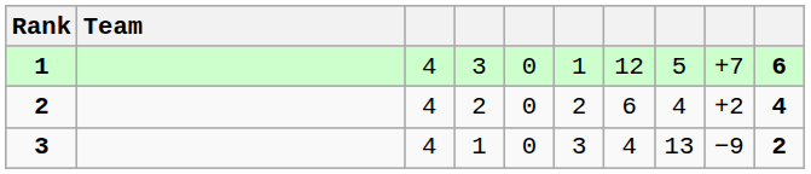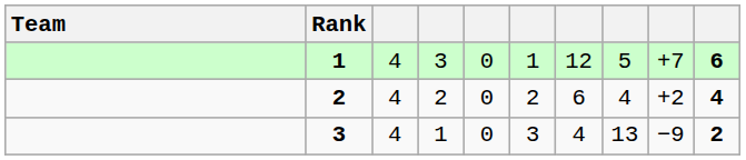 <table class="wikitable" style="text-align:center">
 <tr>
+<th width=165 style="text-align:left">Team</th>
 <th width=30>Rank</th>
-<th width=165 style="text-align:left">Team</th>
 <th width=20></th>
 <th width=20></th>
 <th width=20></th>
 <th width=20></th>
 <th width=20></th>
 <th width=20></th>
 <th width=20></th>
 <th width=20></th>
 </tr>
 <tr bgcolor="#ccffcc">
+<td align="left"></td>
 <td><strong>1</strong></td>
-<td align="left"></td>
 <td>4</td>
 <td>3</td>
 <td>0</td>
 <td>1</td>
 <td>12</td>
 <td>5</td>
 <td>+7</td>
 <td><strong>6</strong></td>
 </tr>
 <tr>
+<td align="left"></td>
 <td><strong>2</strong></td>
-<td align="left"></td>
 <td>4</td>
 <td>2</td>
 <td>0</td>
 <td>2</td>
 <td>6</td>
 <td>4</td>
 <td>+2</td>
 <td><strong>4</strong></td>
 </tr>
 <tr>
+<td align="left"></td>
 <td><strong>3</strong></td>
-<td align="left"></td>
 <td>4</td>
 <td>1</td>
 <td>0</td>
 <td>3</td>
 <td>4</td>
 <td>13</td>
 <td>−9</td>
 <td><strong>2</strong></td>
 </tr>
 </table>
